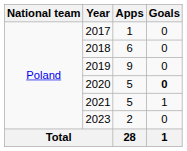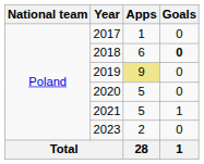 <table class="wikitable" style="text-align:center">
 <tr>
 <th>National team</th>
 <th>Year</th>
 <th>Apps</th>
 <th>Goals</th>
 </tr>
 <tr>
 <td rowspan="6"><a href='#'>Poland</a></td>
 <td>2017</td>
 <td>1</td>
 <td>0</td>
 </tr>
 <tr>
 <td>2018</td>
 <td>6</td>
-<td>0</td>
+<td><strong>0</strong></td>
 </tr>
 <tr>
 <td>2019</td>
-<td>9</td>
+<td style="background: khaki;">9</td>
 <td>0</td>
 </tr>
 <tr>
 <td>2020</td>
 <td>5</td>
-<td><strong>0</strong></td>
+<td>0</td>
 </tr>
 <tr>
 <td>2021</td>
 <td>5</td>
 <td>1</td>
 </tr>
 <tr>
 <td>2023</td>
 <td>2</td>
 <td>0</td>
 </tr>
 <tr>
 <th colspan="2">Total</th>
 <th>28</th>
 <th>1</th>
 </tr>
 </table>
